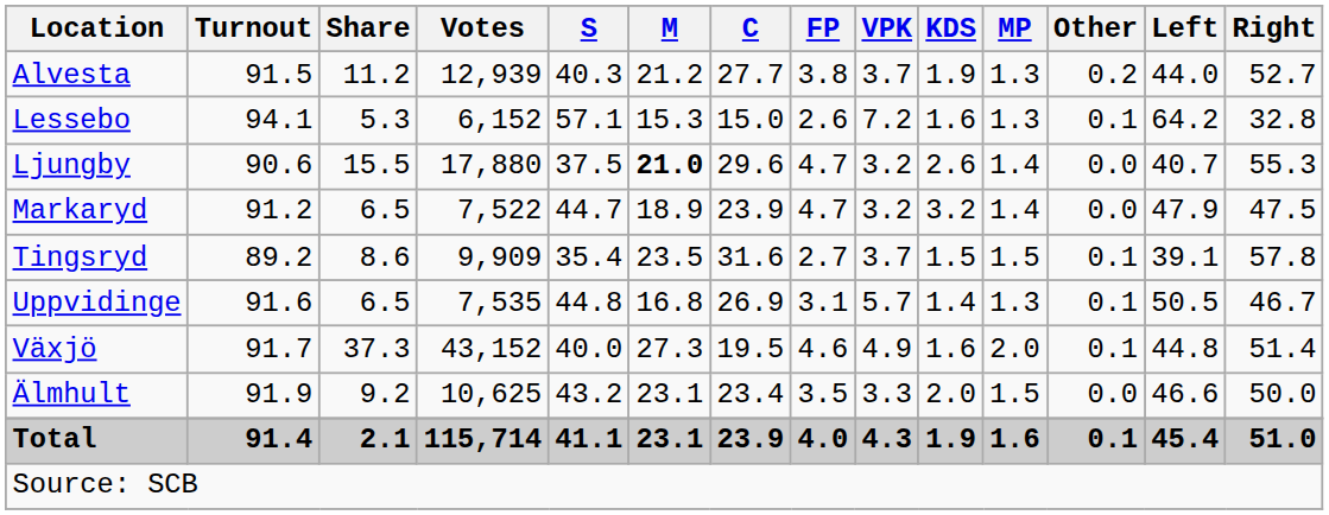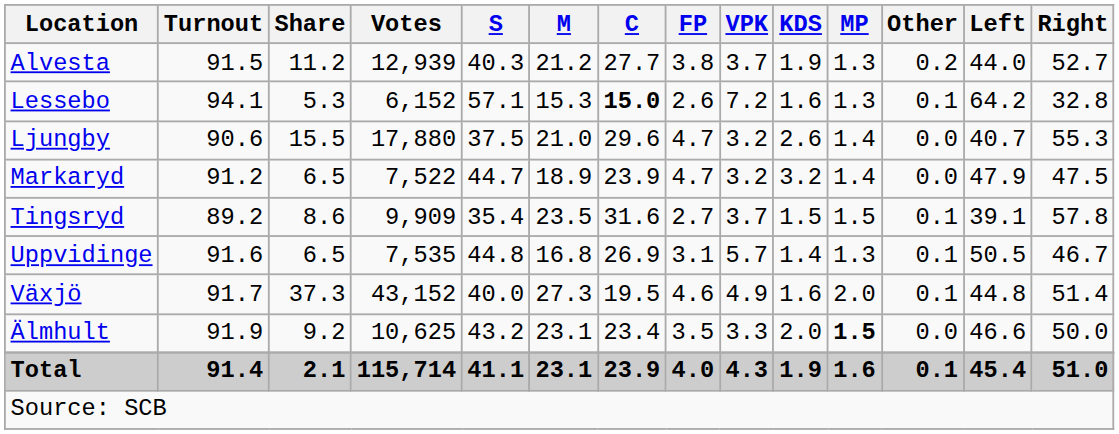 <table class="wikitable sortable" style=text-align:right>
 <tr>
 <th>Location</th>
 <th>Turnout</th>
 <th>Share</th>
 <th>Votes</th>
 <th><a href='#'>S</a></th>
 <th><a href='#'>M</a></th>
 <th><a href='#'>C</a></th>
 <th><a href='#'>FP</a></th>
 <th><a href='#'>VPK</a></th>
 <th><a href='#'>KDS</a></th>
 <th><a href='#'>MP</a></th>
 <th>Other</th>
 <th>Left</th>
 <th>Right</th>
 </tr>
 <tr>
 <td align=left><a href='#'>Alvesta</a></td>
 <td>91.5</td>
 <td>11.2</td>
 <td>12,939</td>
 <td>40.3</td>
 <td>21.2</td>
 <td>27.7</td>
 <td>3.8</td>
 <td>3.7</td>
 <td>1.9</td>
 <td>1.3</td>
 <td>0.2</td>
 <td>44.0</td>
 <td>52.7</td>
 </tr>
 <tr>
 <td align=left><a href='#'>Lessebo</a></td>
 <td>94.1</td>
 <td>5.3</td>
 <td>6,152</td>
 <td>57.1</td>
 <td>15.3</td>
-<td>15.0</td>
+<td><strong>15.0</strong></td>
 <td>2.6</td>
 <td>7.2</td>
 <td>1.6</td>
 <td>1.3</td>
 <td>0.1</td>
 <td>64.2</td>
 <td>32.8</td>
 </tr>
 <tr>
 <td align=left><a href='#'>Ljungby</a></td>
 <td>90.6</td>
 <td>15.5</td>
 <td>17,880</td>
 <td>37.5</td>
-<td><strong>21.0</strong></td>
+<td>21.0</td>
 <td>29.6</td>
 <td>4.7</td>
 <td>3.2</td>
 <td>2.6</td>
 <td>1.4</td>
 <td>0.0</td>
 <td>40.7</td>
 <td>55.3</td>
 </tr>
 <tr>
 <td align=left><a href='#'>Markaryd</a></td>
 <td>91.2</td>
 <td>6.5</td>
 <td>7,522</td>
 <td>44.7</td>
 <td>18.9</td>
 <td>23.9</td>
 <td>4.7</td>
 <td>3.2</td>
 <td>3.2</td>
 <td>1.4</td>
 <td>0.0</td>
 <td>47.9</td>
 <td>47.5</td>
 </tr>
 <tr>
 <td align=left><a href='#'>Tingsryd</a></td>
 <td>89.2</td>
 <td>8.6</td>
 <td>9,909</td>
 <td>35.4</td>
 <td>23.5</td>
 <td>31.6</td>
 <td>2.7</td>
 <td>3.7</td>
 <td>1.5</td>
 <td>1.5</td>
 <td>0.1</td>
 <td>39.1</td>
 <td>57.8</td>
 </tr>
 <tr>
 <td align=left><a href='#'>Uppvidinge</a></td>
 <td>91.6</td>
 <td>6.5</td>
 <td>7,535</td>
 <td>44.8</td>
 <td>16.8</td>
 <td>26.9</td>
 <td>3.1</td>
 <td>5.7</td>
 <td>1.4</td>
 <td>1.3</td>
 <td>0.1</td>
 <td>50.5</td>
 <td>46.7</td>
 </tr>
 <tr>
 <td align=left><a href='#'>Växjö</a></td>
 <td>91.7</td>
 <td>37.3</td>
 <td>43,152</td>
 <td>40.0</td>
 <td>27.3</td>
 <td>19.5</td>
 <td>4.6</td>
 <td>4.9</td>
 <td>1.6</td>
 <td>2.0</td>
 <td>0.1</td>
 <td>44.8</td>
 <td>51.4</td>
 </tr>
 <tr>
 <td align=left><a href='#'>Älmhult</a></td>
 <td>91.9</td>
 <td>9.2</td>
 <td>10,625</td>
 <td>43.2</td>
 <td>23.1</td>
 <td>23.4</td>
 <td>3.5</td>
 <td>3.3</td>
 <td>2.0</td>
-<td>1.5</td>
+<td><strong>1.5</strong></td>
 <td>0.0</td>
 <td>46.6</td>
 <td>50.0</td>
 </tr>
 <tr>
 </tr>
 <tr style="background:#CDCDCD;">
 <td align=left><strong>Total</strong></td>
 <td><strong>91.4</strong></td>
 <td><strong>2.1</strong></td>
 <td><strong>115,714</strong></td>
 <td><strong>41.1</strong></td>
 <td><strong>23.1</strong></td>
 <td><strong>23.9</strong></td>
 <td><strong>4.0</strong></td>
 <td><strong>4.3</strong></td>
 <td><strong>1.9</strong></td>
 <td><strong>1.6</strong></td>
 <td><strong>0.1</strong></td>
 <td><strong>45.4</strong></td>
 <td><strong>51.0</strong></td>
 </tr>
 <tr>
 <td align=left colspan=14>Source: SCB </td>
 </tr>
 </table>
